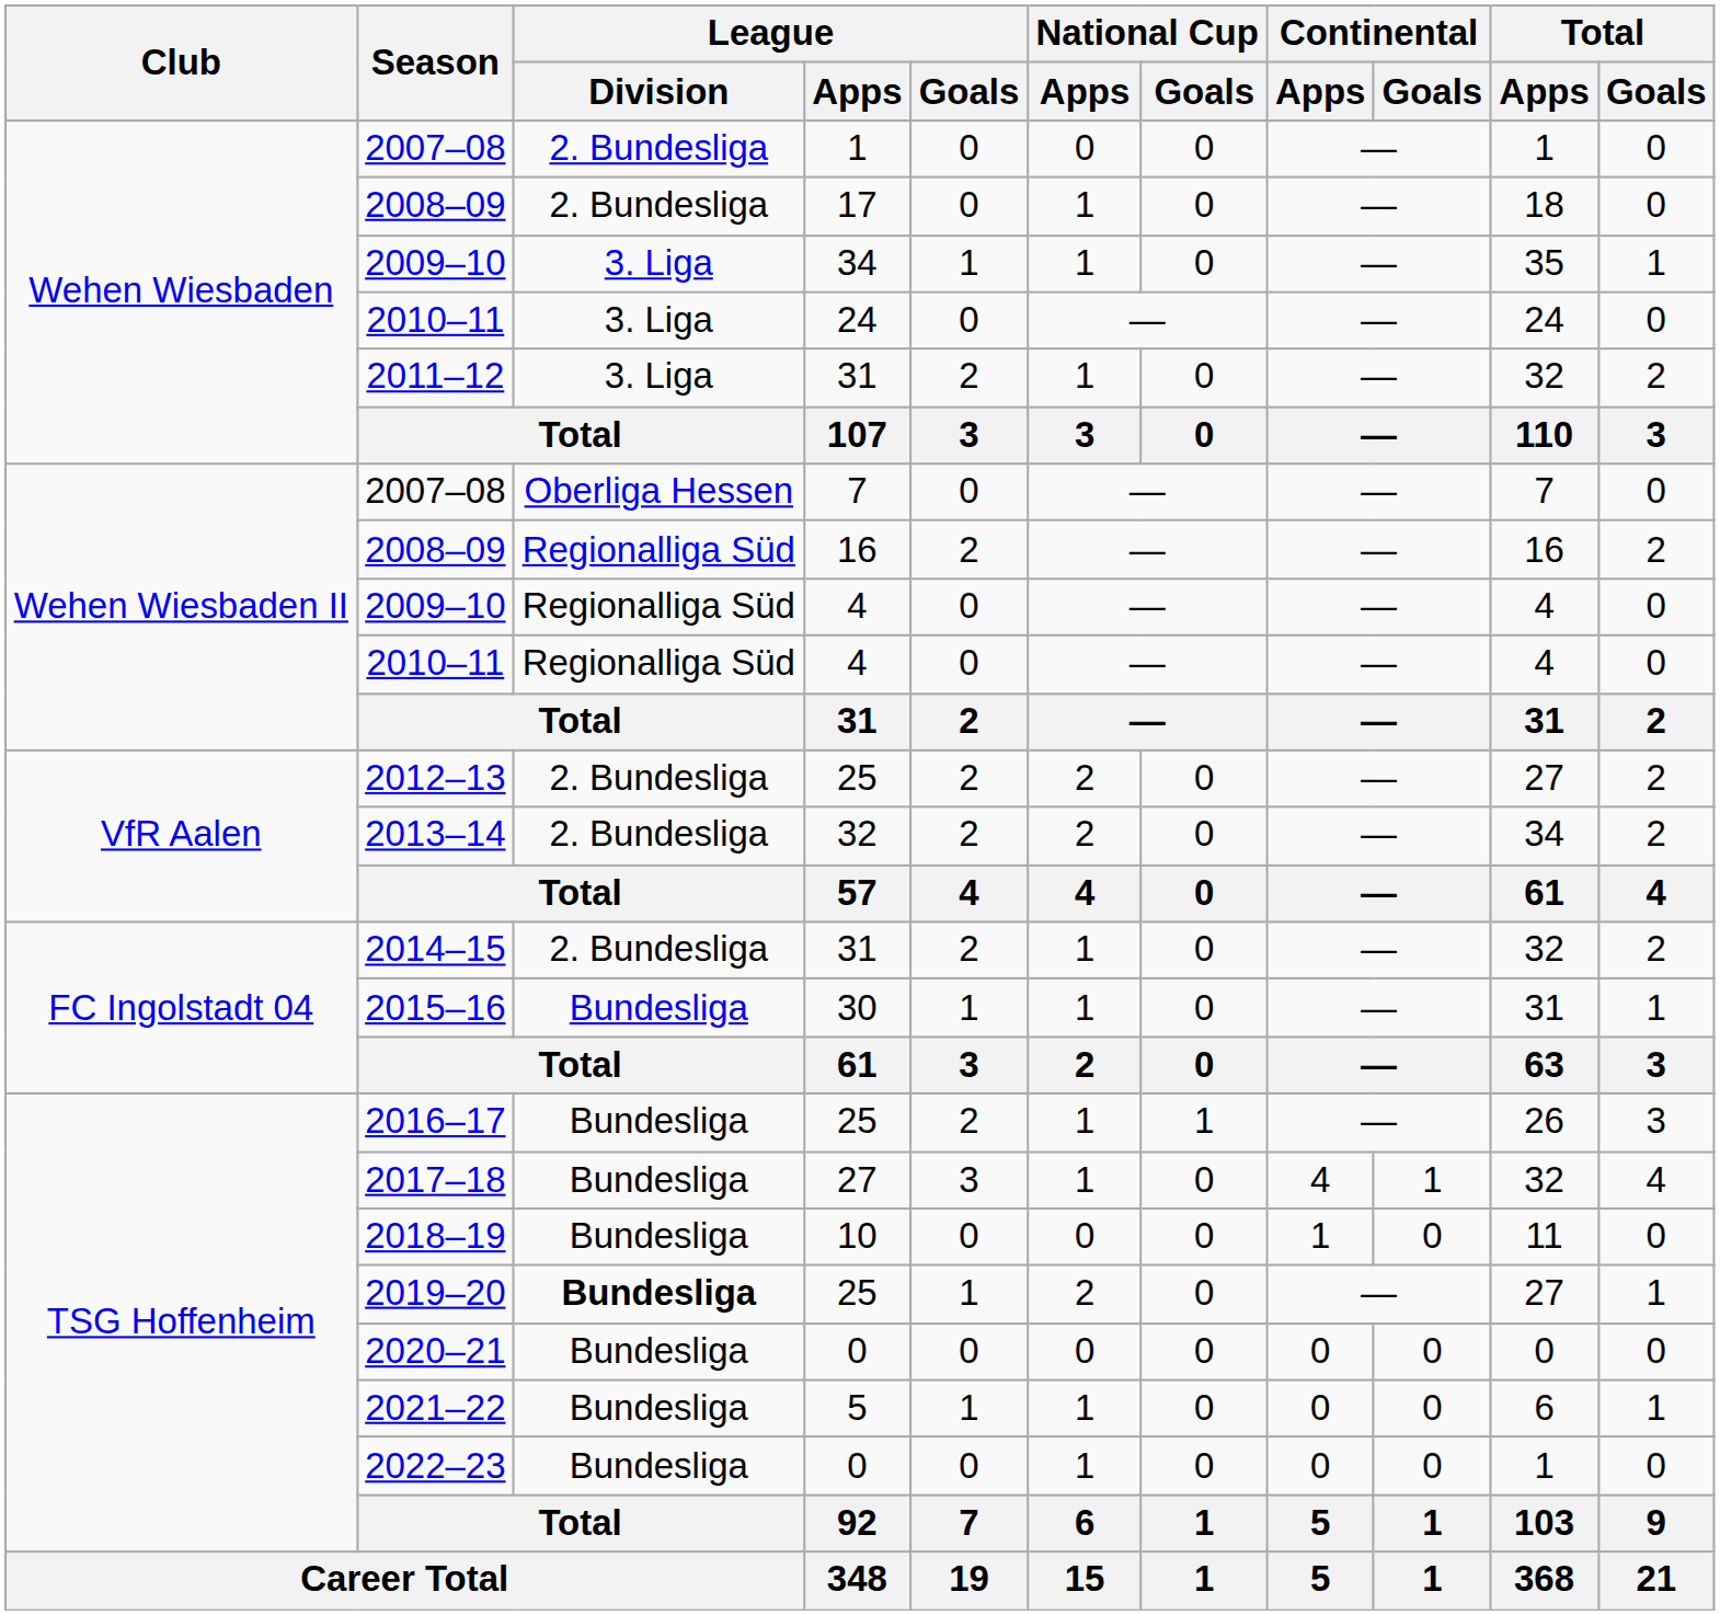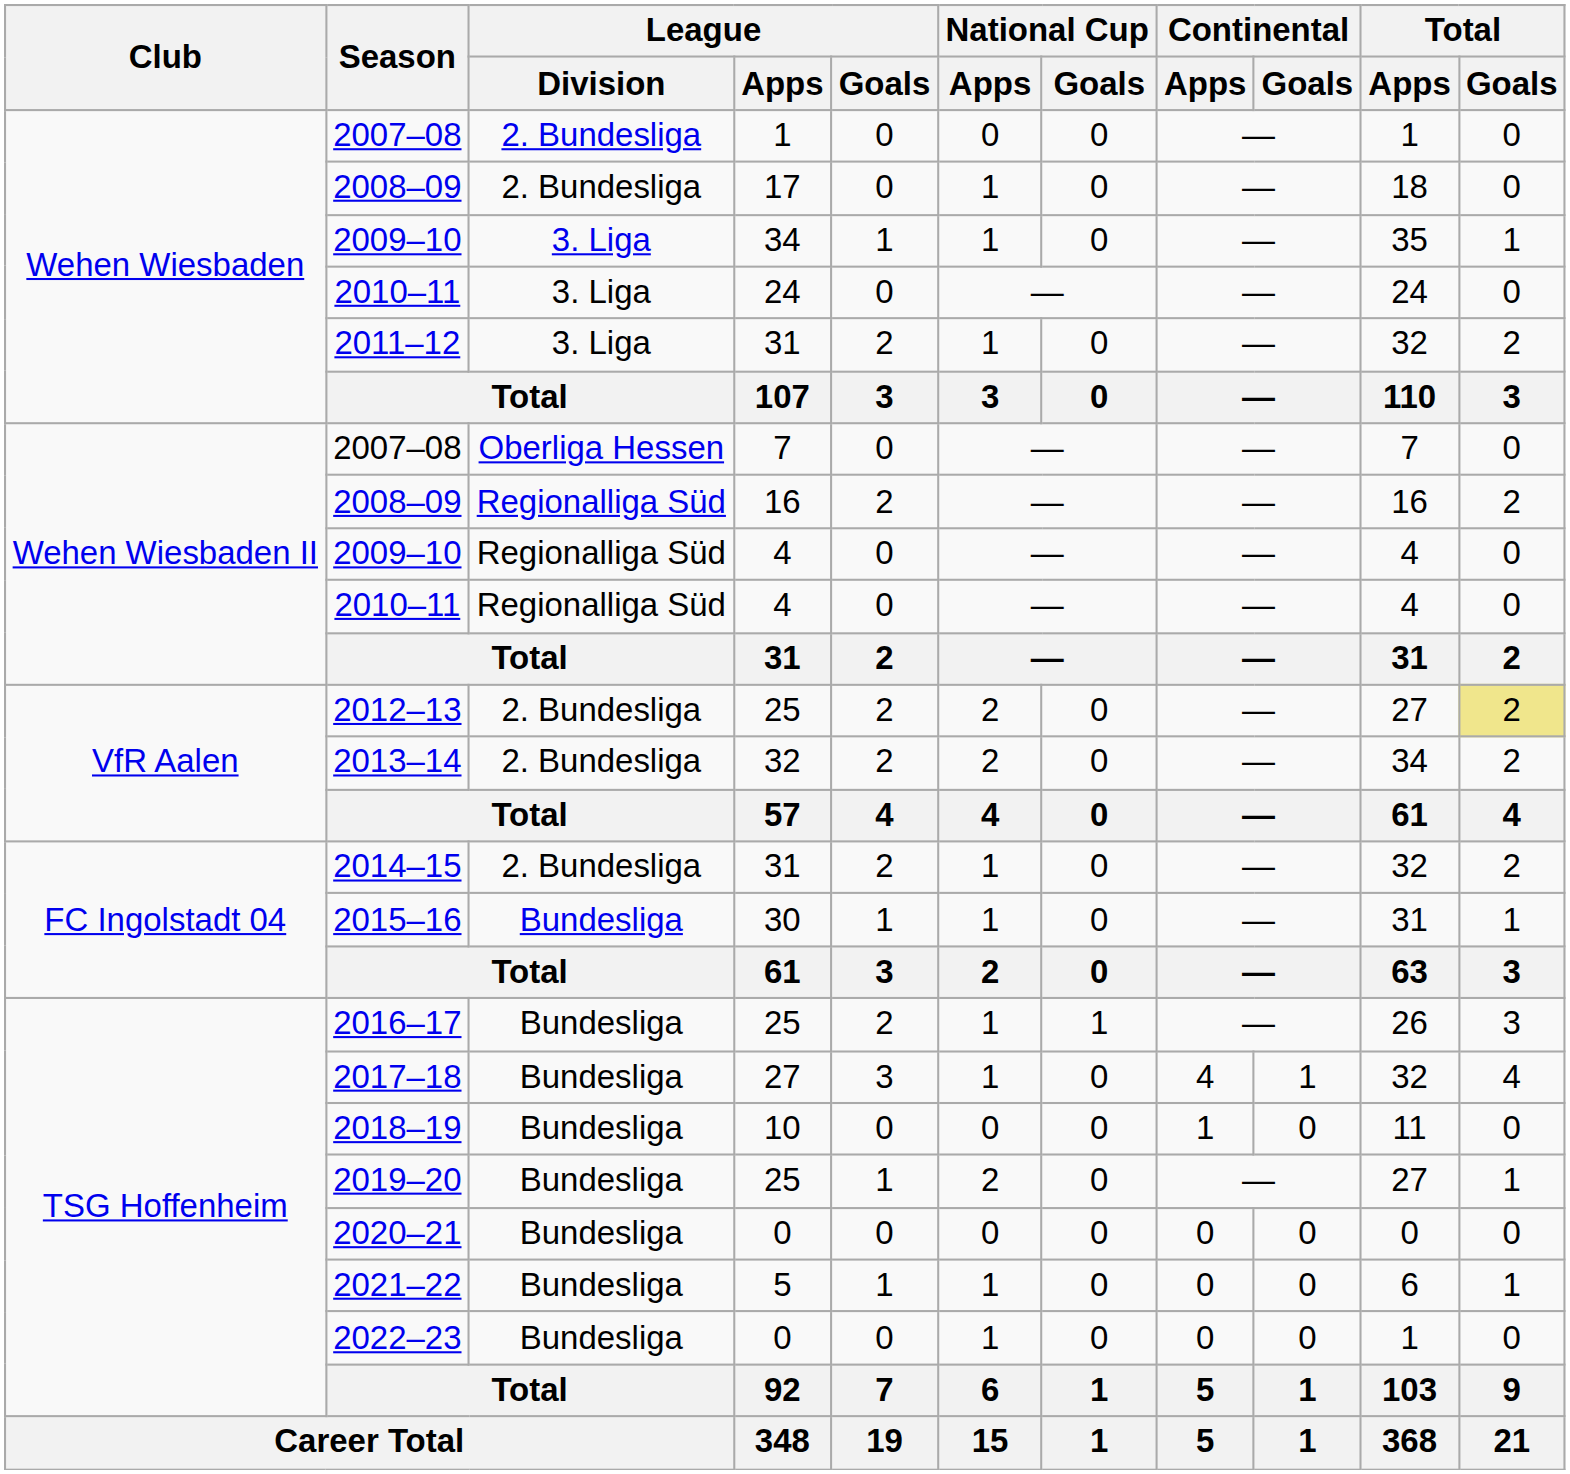 <table class="wikitable" Style="text-align: center">
 <tr>
 <th rowspan="2">Club</th>
 <th rowspan="2">Season</th>
 <th colspan="3">League</th>
 <th colspan="2">National Cup</th>
 <th colspan="2">Continental</th>
 <th colspan="2">Total</th>
 </tr>
 <tr>
 <th>Division</th>
 <th>Apps</th>
 <th>Goals</th>
 <th>Apps</th>
 <th>Goals</th>
 <th>Apps</th>
 <th>Goals</th>
 <th>Apps</th>
 <th>Goals</th>
 </tr>
 <tr>
 <td rowspan="6"><a href='#'>Wehen Wiesbaden</a></td>
 <td><a href='#'>2007–08</a></td>
 <td><a href='#'>2. Bundesliga</a></td>
 <td>1</td>
 <td>0</td>
 <td>0</td>
 <td>0</td>
 <td colspan="2">—</td>
 <td>1</td>
 <td>0</td>
 </tr>
 <tr>
 <td><a href='#'>2008–09</a></td>
 <td>2. Bundesliga</td>
 <td>17</td>
 <td>0</td>
 <td>1</td>
 <td>0</td>
 <td colspan="2">—</td>
 <td>18</td>
 <td>0</td>
 </tr>
 <tr>
 <td><a href='#'>2009–10</a></td>
 <td><a href='#'>3. Liga</a></td>
 <td>34</td>
 <td>1</td>
 <td>1</td>
 <td>0</td>
 <td colspan="2">—</td>
 <td>35</td>
 <td>1</td>
 </tr>
 <tr>
 <td><a href='#'>2010–11</a></td>
 <td>3. Liga</td>
 <td>24</td>
 <td>0</td>
 <td colspan="2">—</td>
 <td colspan="2">—</td>
 <td>24</td>
 <td>0</td>
 </tr>
 <tr>
 <td><a href='#'>2011–12</a></td>
 <td>3. Liga</td>
 <td>31</td>
 <td>2</td>
 <td>1</td>
 <td>0</td>
 <td colspan="2">—</td>
 <td>32</td>
 <td>2</td>
 </tr>
 <tr>
 <th colspan="2">Total</th>
 <th>107</th>
 <th>3</th>
 <th>3</th>
 <th>0</th>
 <th colspan="2">—</th>
 <th>110</th>
 <th>3</th>
 </tr>
 <tr>
 <td rowspan="5"><a href='#'>Wehen Wiesbaden II</a></td>
 <td>2007–08</td>
 <td><a href='#'>Oberliga Hessen</a></td>
 <td>7</td>
 <td>0</td>
 <td colspan="2">—</td>
 <td colspan="2">—</td>
 <td>7</td>
 <td>0</td>
 </tr>
 <tr>
 <td><a href='#'>2008–09</a></td>
 <td><a href='#'>Regionalliga Süd</a></td>
 <td>16</td>
 <td>2</td>
 <td colspan="2">—</td>
 <td colspan="2">—</td>
 <td>16</td>
 <td>2</td>
 </tr>
 <tr>
 <td><a href='#'>2009–10</a></td>
 <td>Regionalliga Süd</td>
 <td>4</td>
 <td>0</td>
 <td colspan="2">—</td>
 <td colspan="2">—</td>
 <td>4</td>
 <td>0</td>
 </tr>
 <tr>
 <td><a href='#'>2010–11</a></td>
 <td>Regionalliga Süd</td>
 <td>4</td>
 <td>0</td>
 <td colspan="2">—</td>
 <td colspan="2">—</td>
 <td>4</td>
 <td>0</td>
 </tr>
 <tr>
 <th colspan="2">Total</th>
 <th>31</th>
 <th>2</th>
 <th colspan="2">—</th>
 <th colspan="2">—</th>
 <th>31</th>
 <th>2</th>
 </tr>
 <tr>
 <td rowspan="3"><a href='#'>VfR Aalen</a></td>
 <td><a href='#'>2012–13</a></td>
 <td>2. Bundesliga</td>
 <td>25</td>
 <td>2</td>
 <td>2</td>
 <td>0</td>
 <td colspan="2">—</td>
 <td>27</td>
-<td>2</td>
+<td style="background: khaki;">2</td>
 </tr>
 <tr>
 <td><a href='#'>2013–14</a></td>
 <td>2. Bundesliga</td>
 <td>32</td>
 <td>2</td>
 <td>2</td>
 <td>0</td>
 <td colspan="2">—</td>
 <td>34</td>
 <td>2</td>
 </tr>
 <tr>
 <th colspan="2">Total</th>
 <th>57</th>
 <th>4</th>
 <th>4</th>
 <th>0</th>
 <th colspan="2">—</th>
 <th>61</th>
 <th>4</th>
 </tr>
 <tr>
 <td rowspan="3"><a href='#'>FC Ingolstadt 04</a></td>
 <td><a href='#'>2014–15</a></td>
 <td>2. Bundesliga</td>
 <td>31</td>
 <td>2</td>
 <td>1</td>
 <td>0</td>
 <td colspan="2">—</td>
 <td>32</td>
 <td>2</td>
 </tr>
 <tr>
 <td><a href='#'>2015–16</a></td>
 <td><a href='#'>Bundesliga</a></td>
 <td>30</td>
 <td>1</td>
 <td>1</td>
 <td>0</td>
 <td colspan="2">—</td>
 <td>31</td>
 <td>1</td>
 </tr>
 <tr>
 <th colspan="2">Total</th>
 <th>61</th>
 <th>3</th>
 <th>2</th>
 <th>0</th>
 <th colspan="2">—</th>
 <th>63</th>
 <th>3</th>
 </tr>
 <tr>
 <td rowspan="8"><a href='#'>TSG Hoffenheim</a></td>
 <td><a href='#'>2016–17</a></td>
 <td>Bundesliga</td>
 <td>25</td>
 <td>2</td>
 <td>1</td>
 <td>1</td>
 <td colspan="2">—</td>
 <td>26</td>
 <td>3</td>
 </tr>
 <tr>
 <td><a href='#'>2017–18</a></td>
 <td>Bundesliga</td>
 <td>27</td>
 <td>3</td>
 <td>1</td>
 <td>0</td>
 <td>4</td>
 <td>1</td>
 <td>32</td>
 <td>4</td>
 </tr>
 <tr>
 <td><a href='#'>2018–19</a></td>
 <td>Bundesliga</td>
 <td>10</td>
 <td>0</td>
 <td>0</td>
 <td>0</td>
 <td>1</td>
 <td>0</td>
 <td>11</td>
 <td>0</td>
 </tr>
 <tr>
 <td><a href='#'>2019–20</a></td>
-<td><strong>Bundesliga</strong></td>
+<td>Bundesliga</td>
 <td>25</td>
 <td>1</td>
 <td>2</td>
 <td>0</td>
 <td colspan="2">—</td>
 <td>27</td>
 <td>1</td>
 </tr>
 <tr>
 <td><a href='#'>2020–21</a></td>
 <td>Bundesliga</td>
 <td>0</td>
 <td>0</td>
 <td>0</td>
 <td>0</td>
 <td>0</td>
 <td>0</td>
 <td>0</td>
 <td>0</td>
 </tr>
 <tr>
 <td><a href='#'>2021–22</a></td>
 <td>Bundesliga</td>
 <td>5</td>
 <td>1</td>
 <td>1</td>
 <td>0</td>
 <td>0</td>
 <td>0</td>
 <td>6</td>
 <td>1</td>
 </tr>
 <tr>
 <td><a href='#'>2022–23</a></td>
 <td>Bundesliga</td>
 <td>0</td>
 <td>0</td>
 <td>1</td>
 <td>0</td>
 <td>0</td>
 <td>0</td>
 <td>1</td>
 <td>0</td>
 </tr>
 <tr>
 <th colspan="2">Total</th>
 <th>92</th>
 <th>7</th>
 <th>6</th>
 <th>1</th>
 <th>5</th>
 <th>1</th>
 <th>103</th>
 <th>9</th>
 </tr>
 <tr>
 <th colspan="3">Career Total</th>
 <th>348</th>
 <th>19</th>
 <th>15</th>
 <th>1</th>
 <th>5</th>
 <th>1</th>
 <th>368</th>
 <th>21</th>
 </tr>
 </table>
